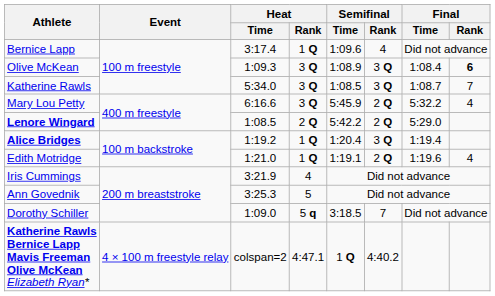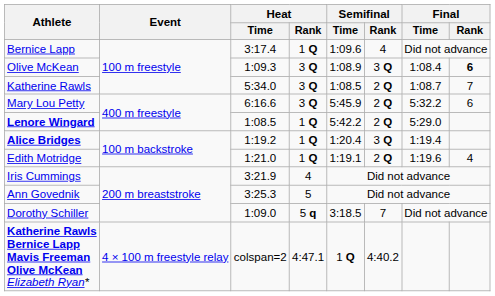 <table class=wikitable style="font-size:90%;">
 <tr>
 <th rowspan=2>Athlete</th>
 <th rowspan=2>Event</th>
 <th colspan=2>Heat</th>
 <th colspan=2>Semifinal</th>
 <th colspan=2>Final</th>
 </tr>
 <tr style="font-size:95%">
 <th>Time</th>
 <th>Rank</th>
 <th>Time</th>
 <th>Rank</th>
 <th>Time</th>
 <th>Rank</th>
 </tr>
 <tr align=center>
 <td align=left><a href='#'>Bernice Lapp</a></td>
 <td rowspan=3 align=left><a href='#'>100 m freestyle</a></td>
 <td>3:17.4</td>
 <td>1 <strong>Q</strong></td>
 <td>1:09.6</td>
 <td>4</td>
 <td colspan=2>Did not advance</td>
 </tr>
 <tr align=center>
 <td align=left><a href='#'>Olive McKean</a></td>
 <td>1:09.3</td>
 <td>3 <strong>Q</strong></td>
 <td>1:08.9</td>
 <td>3 <strong>Q</strong></td>
 <td>1:08.4</td>
 <td><strong>6</strong></td>
 </tr>
 <tr align=center>
 <td align=left><a href='#'>Katherine Rawls</a></td>
 <td>5:34.0</td>
 <td>3 <strong>Q</strong></td>
 <td>1:08.5</td>
-<td>3 <strong>Q</strong></td>
+<td>2 <strong>Q</strong></td>
 <td>1:08.7</td>
 <td>7</td>
 </tr>
 <tr align=center>
 <td align=left><a href='#'>Mary Lou Petty</a></td>
 <td rowspan=2 align=left><a href='#'>400 m freestyle</a></td>
 <td>6:16.6</td>
 <td>3 <strong>Q</strong></td>
 <td>5:45.9</td>
 <td>2 <strong>Q</strong></td>
 <td>5:32.2</td>
-<td>4</td>
+<td>6</td>
 </tr>
 <tr align=center>
 <td align=left><strong><a href='#'>Lenore Wingard</a></strong></td>
 <td>1:08.5</td>
-<td>2 <strong>Q</strong></td>
+<td>1 <strong>Q</strong></td>
 <td>5:42.2</td>
 <td>2 <strong>Q</strong></td>
 <td>5:29.0</td>
 <td></td>
 </tr>
 <tr align=center>
 <td align=left><strong><a href='#'>Alice Bridges</a></strong></td>
 <td rowspan=2 align=left><a href='#'>100 m backstroke</a></td>
 <td>1:19.2</td>
 <td>1 <strong>Q</strong></td>
 <td>1:20.4</td>
 <td>3 <strong>Q</strong></td>
 <td>1:19.4</td>
 <td></td>
 </tr>
 <tr align=center>
 <td align=left><a href='#'>Edith Motridge</a></td>
 <td>1:21.0</td>
 <td>1 <strong>Q</strong></td>
 <td>1:19.1</td>
 <td>2 <strong>Q</strong></td>
 <td>1:19.6</td>
 <td>4</td>
 </tr>
 <tr align=center>
 <td align=left><a href='#'>Iris Cummings</a></td>
 <td rowspan=3 align=left><a href='#'>200 m breaststroke</a></td>
 <td>3:21.9</td>
 <td>4</td>
 <td colspan=4>Did not advance</td>
 </tr>
 <tr align=center>
 <td align=left><a href='#'>Ann Govednik</a></td>
 <td>3:25.3</td>
 <td>5</td>
 <td colspan=4>Did not advance</td>
 </tr>
 <tr align=center>
 <td align=left><a href='#'>Dorothy Schiller</a></td>
 <td>1:09.0</td>
 <td>5 <strong>q</strong></td>
 <td>3:18.5</td>
 <td>7</td>
 <td colspan=2>Did not advance</td>
 </tr>
 <tr align=center>
 <td align=left><strong><a href='#'>Katherine Rawls</a><br><a href='#'>Bernice Lapp</a><br><a href='#'>Mavis Freeman</a><br><a href='#'>Olive McKean</a></strong><br><em><a href='#'>Elizabeth Ryan</a>*</em></td>
 <td align=left><a href='#'>4 × 100 m freestyle relay</a></td>
 <td>colspan=2 </td>
 <td>4:47.1</td>
 <td>1 <strong>Q</strong></td>
 <td>4:40.2</td>
 <td></td>
 </tr>
 </table>
